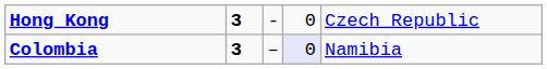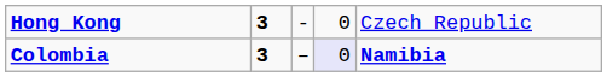 <table class="wikitable">
 <tr>
 <td width=150> <strong><a href='#'>Hong Kong</a></strong></td>
 <td style="width:20px; text-align:left;"><strong>3</strong></td>
 <td>-</td>
 <td style="width:20px; text-align:right;">0</td>
 <td width=150> <a href='#'>Czech Republic</a></td>
 </tr>
 <tr>
 <td> <strong><a href='#'>Colombia</a></strong></td>
 <td style="text-align:left;"><strong>3</strong></td>
 <td>–</td>
 <td style="background: lavender; text-align:right;">0</td>
-<td> <a href='#'>Namibia</a></td>
+<td><strong> <a href='#'>Namibia</a></strong></td>
 </tr>
 </table>
